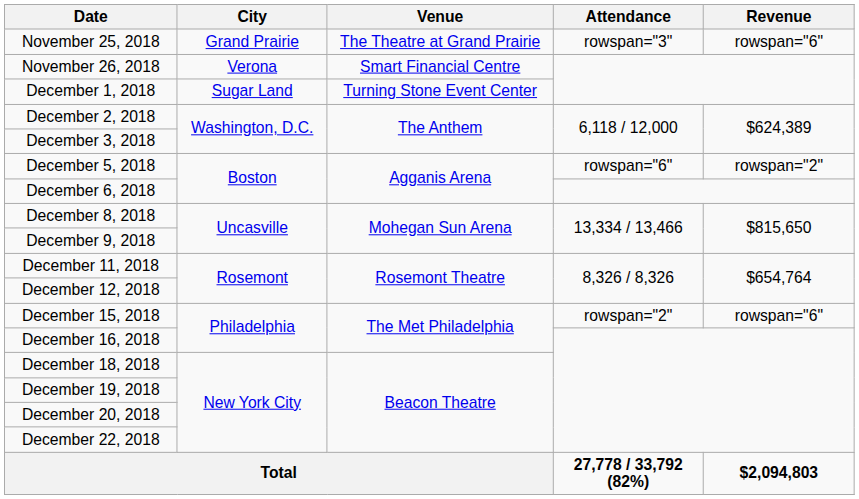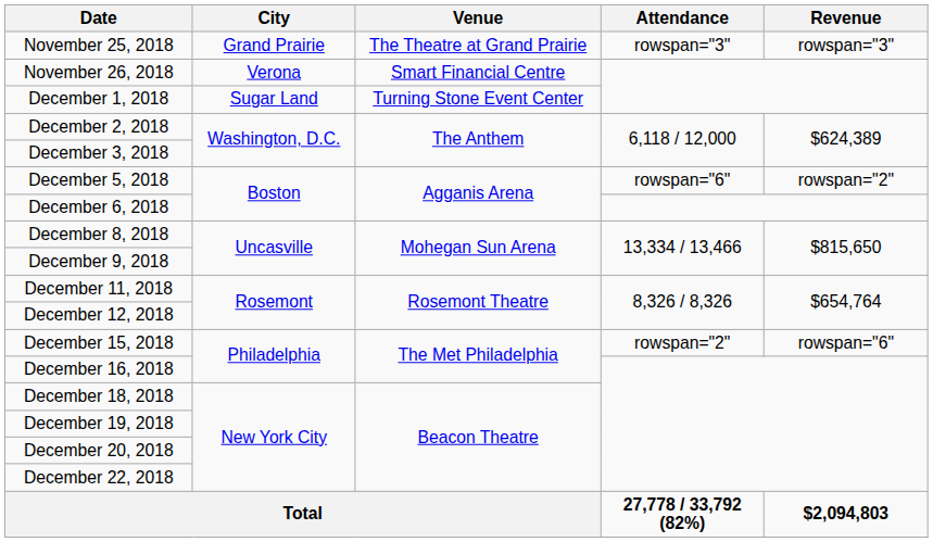 <table class="wikitable" style="text-align:center;">
 <tr>
 <th scope="col" style="width:12em;">Date</th>
 <th scope="col" style="width:10em;">City</th>
 <th scope="col" style="width:16em;">Venue</th>
 <th scope="col" style="width:10em;">Attendance</th>
 <th scope="col" style="width:10em;">Revenue</th>
 </tr>
 <tr>
 <td>November 25, 2018</td>
 <td><a href='#'>Grand Prairie</a></td>
 <td><a href='#'>The Theatre at Grand Prairie</a></td>
 <td>rowspan="3" </td>
-<td>rowspan="6" </td>
+<td>rowspan="3" </td>
 </tr>
 <tr>
 <td>November 26, 2018</td>
 <td><a href='#'>Verona</a></td>
 <td><a href='#'>Smart Financial Centre</a></td>
 </tr>
 <tr>
 <td>December 1, 2018</td>
 <td><a href='#'>Sugar Land</a></td>
 <td><a href='#'>Turning Stone Event Center</a></td>
 </tr>
 <tr>
 <td>December 2, 2018</td>
 <td rowspan="2"><a href='#'>Washington, D.C.</a></td>
 <td rowspan="2"><a href='#'>The Anthem</a></td>
 <td rowspan="2">6,118 / 12,000</td>
 <td rowspan="2">$624,389</td>
 </tr>
 <tr>
 <td>December 3, 2018</td>
 </tr>
 <tr>
 <td>December 5, 2018</td>
 <td rowspan="2"><a href='#'>Boston</a></td>
 <td rowspan="2"><a href='#'>Agganis Arena</a></td>
 <td>rowspan="6" </td>
 <td>rowspan="2" </td>
 </tr>
 <tr>
 <td>December 6, 2018</td>
 </tr>
 <tr>
 <td>December 8, 2018</td>
 <td rowspan="2"><a href='#'>Uncasville</a></td>
 <td rowspan="2"><a href='#'>Mohegan Sun Arena</a></td>
 <td rowspan="2">13,334 / 13,466</td>
 <td rowspan="2">$815,650</td>
 </tr>
 <tr>
 <td>December 9, 2018</td>
 </tr>
 <tr>
 <td>December 11, 2018</td>
 <td rowspan="2"><a href='#'>Rosemont</a></td>
 <td rowspan="2"><a href='#'>Rosemont Theatre</a></td>
 <td rowspan="2">8,326 / 8,326</td>
 <td rowspan="2">$654,764</td>
 </tr>
 <tr>
 <td>December 12, 2018</td>
 </tr>
 <tr>
 <td>December 15, 2018</td>
 <td rowspan="2"><a href='#'>Philadelphia</a></td>
 <td rowspan="2"><a href='#'>The Met Philadelphia</a></td>
 <td>rowspan="2" </td>
 <td>rowspan="6" </td>
 </tr>
 <tr>
 <td>December 16, 2018</td>
 </tr>
 <tr>
 <td>December 18, 2018</td>
 <td rowspan="4"><a href='#'>New York City</a></td>
 <td rowspan="4"><a href='#'>Beacon Theatre</a></td>
 </tr>
 <tr>
 <td>December 19, 2018</td>
 </tr>
 <tr>
 <td>December 20, 2018</td>
 </tr>
 <tr>
 <td>December 22, 2018</td>
 </tr>
 <tr>
 <th colspan="3">Total</th>
 <td><strong>27,778 / 33,792 (82%)</strong></td>
 <td><strong>$2,094,803</strong></td>
 </tr>
 </table>
